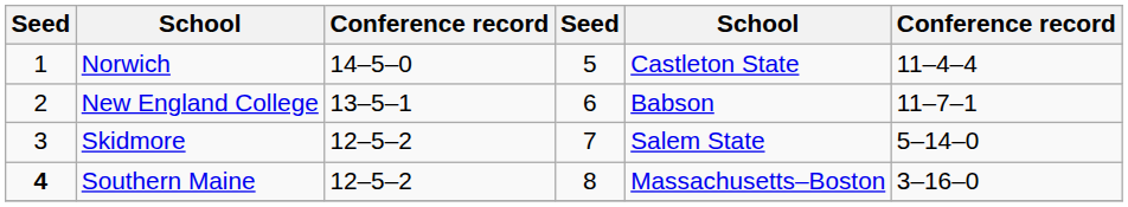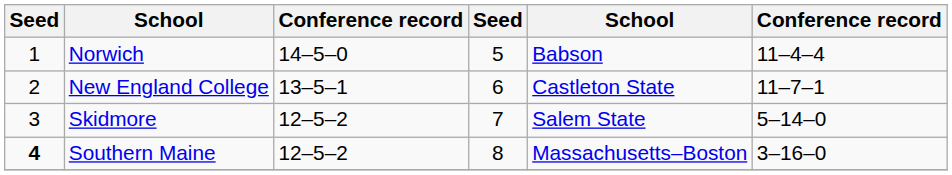 <table class="wikitable">
 <tr>
 <th>Seed</th>
 <th>School</th>
 <th>Conference record</th>
 <th>Seed</th>
 <th>School</th>
 <th>Conference record</th>
 </tr>
 <tr>
 <td align=center>1</td>
 <td><a href='#'>Norwich</a></td>
 <td>14–5–0</td>
 <td align=center>5</td>
-<td><a href='#'>Castleton State</a></td>
+<td><a href='#'>Babson</a></td>
 <td>11–4–4</td>
 </tr>
 <tr>
 <td align=center>2</td>
 <td><a href='#'>New England College</a></td>
 <td>13–5–1</td>
 <td align=center>6</td>
-<td><a href='#'>Babson</a></td>
+<td><a href='#'>Castleton State</a></td>
 <td>11–7–1</td>
 </tr>
 <tr>
 <td align=center>3</td>
 <td><a href='#'>Skidmore</a></td>
 <td>12–5–2</td>
 <td align=center>7</td>
 <td><a href='#'>Salem State</a></td>
 <td>5–14–0</td>
 </tr>
 <tr>
 <td align=center><strong>4</strong></td>
 <td><a href='#'>Southern Maine</a></td>
 <td>12–5–2</td>
 <td align=center>8</td>
 <td><a href='#'>Massachusetts–Boston</a></td>
 <td>3–16–0</td>
 </tr>
 <tr>
 </tr>
 </table>
